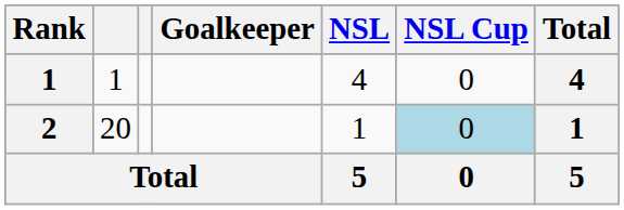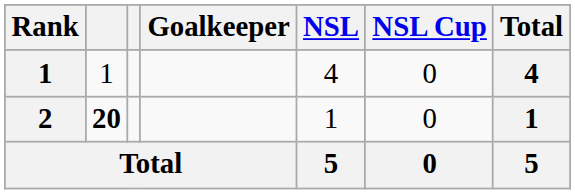 <table class="wikitable sortable" style="text-align:center">
 <tr>
 <th>Rank</th>
 <th></th>
 <th></th>
 <th>Goalkeeper</th>
 <th><a href='#'>NSL</a></th>
 <th><a href='#'>NSL Cup</a></th>
 <th>Total</th>
 </tr>
 <tr>
 <th>1</th>
 <td>1</td>
 <td></td>
 <td align="left"></td>
 <td>4</td>
 <td>0</td>
 <th>4</th>
 </tr>
 <tr>
 <th>2</th>
-<td>20</td>
+<td><strong>20</strong></td>
 <td></td>
 <td align="left"></td>
 <td>1</td>
-<td style="background: lightblue;">0</td>
+<td>0</td>
 <th>1</th>
 </tr>
 <tr>
 <th colspan="4">Total</th>
 <th>5</th>
 <th>0</th>
 <th>5</th>
 </tr>
 </table>
